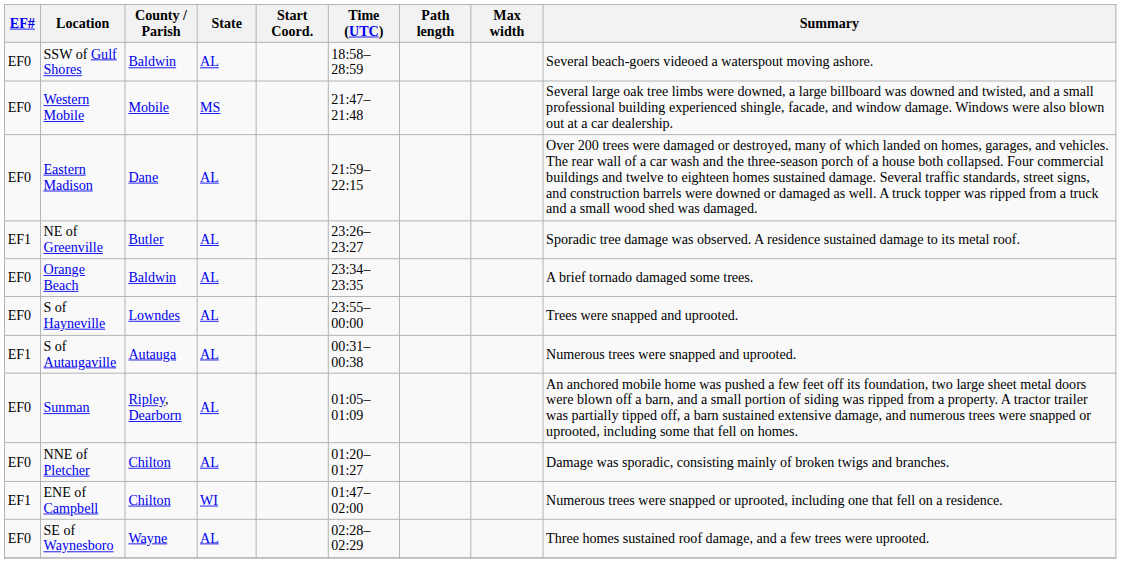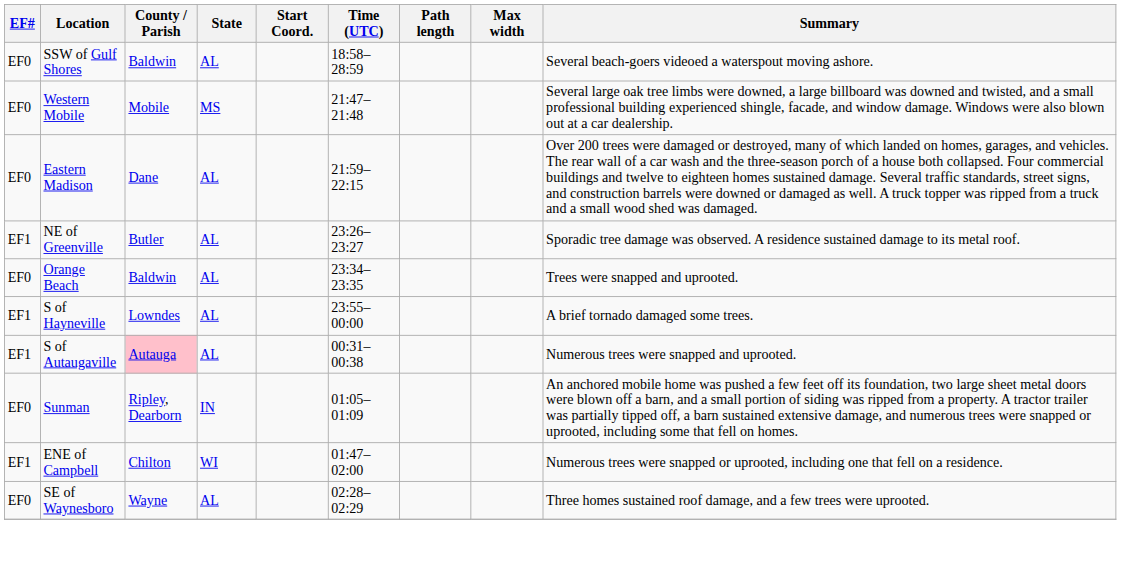 <table class="wikitable sortable" style="width:100%;">
 <tr>
 <th scope="col"  style="width:3%; text-align:center;"><a href='#'>EF#</a></th>
 <th scope="col"  style="width:7%; text-align:center;" class="unsortable">Location</th>
 <th scope="col"  style="width:6%; text-align:center;" class="unsortable">County / Parish</th>
 <th scope="col"  style="width:5%; text-align:center;">State</th>
 <th scope="col"  style="width:6%; text-align:center;">Start Coord.</th>
 <th scope="col"  style="width:6%; text-align:center;">Time (<a href='#'>UTC</a>)</th>
 <th scope="col"  style="width:6%; text-align:center;">Path length</th>
 <th scope="col"  style="width:6%; text-align:center;">Max width</th>
 <th scope="col" class="unsortable" style="width:48%; text-align:center;">Summary</th>
 </tr>
 <tr>
 <td>EF0</td>
 <td>SSW of <a href='#'>Gulf Shores</a></td>
 <td><a href='#'>Baldwin</a></td>
 <td><a href='#'>AL</a></td>
 <td></td>
 <td>18:58–28:59</td>
 <td></td>
 <td></td>
 <td>Several beach-goers videoed a waterspout moving ashore.</td>
 </tr>
 <tr>
 <td>EF0</td>
 <td><a href='#'>Western Mobile</a></td>
 <td><a href='#'>Mobile</a></td>
 <td><a href='#'>MS</a></td>
 <td></td>
 <td>21:47–21:48</td>
 <td></td>
 <td></td>
 <td>Several large oak tree limbs were downed, a large billboard was downed and twisted, and a small professional building experienced shingle, facade, and window damage. Windows were also blown out at a car dealership.</td>
 </tr>
 <tr>
 <td>EF0</td>
 <td><a href='#'>Eastern Madison</a></td>
 <td><a href='#'>Dane</a></td>
 <td><a href='#'>AL</a></td>
 <td></td>
 <td>21:59–22:15</td>
 <td></td>
 <td></td>
 <td>Over 200 trees were damaged or destroyed, many of which landed on homes, garages, and vehicles. The rear wall of a car wash and the three-season porch of a house both collapsed. Four commercial buildings and twelve to eighteen homes sustained damage. Several traffic standards, street signs, and construction barrels were downed or damaged as well. A truck topper was ripped from a truck and a small wood shed was damaged.</td>
 </tr>
 <tr>
 <td>EF1</td>
 <td>NE of <a href='#'>Greenville</a></td>
 <td><a href='#'>Butler</a></td>
 <td><a href='#'>AL</a></td>
 <td></td>
 <td>23:26–23:27</td>
 <td></td>
 <td></td>
 <td>Sporadic tree damage was observed. A residence sustained damage to its metal roof.</td>
 </tr>
 <tr>
 <td>EF0</td>
 <td><a href='#'>Orange Beach</a></td>
 <td><a href='#'>Baldwin</a></td>
 <td><a href='#'>AL</a></td>
 <td></td>
 <td>23:34–23:35</td>
 <td></td>
 <td></td>
-<td>A brief tornado damaged some trees.</td>
+<td>Trees were snapped and uprooted.</td>
 </tr>
 <tr>
-<td>EF0</td>
+<td>EF1</td>
 <td>S of <a href='#'>Hayneville</a></td>
 <td><a href='#'>Lowndes</a></td>
 <td><a href='#'>AL</a></td>
 <td></td>
 <td>23:55–00:00</td>
 <td></td>
 <td></td>
-<td>Trees were snapped and uprooted.</td>
+<td>A brief tornado damaged some trees.</td>
 </tr>
 <tr>
 <td>EF1</td>
 <td>S of <a href='#'>Autaugaville</a></td>
-<td><a href='#'>Autauga</a></td>
+<td style="background: pink;"><a href='#'>Autauga</a></td>
 <td><a href='#'>AL</a></td>
 <td></td>
 <td>00:31–00:38</td>
 <td></td>
 <td></td>
 <td>Numerous trees were snapped and uprooted.</td>
 </tr>
 <tr>
 <td>EF0</td>
 <td><a href='#'>Sunman</a></td>
 <td><a href='#'>Ripley</a>, <a href='#'>Dearborn</a></td>
-<td><a href='#'>AL</a></td>
+<td><a href='#'>IN</a></td>
 <td></td>
 <td>01:05–01:09</td>
 <td></td>
 <td></td>
 <td>An anchored mobile home was pushed a few feet off its foundation, two large sheet metal doors were blown off a barn, and a small portion of siding was ripped from a property. A tractor trailer was partially tipped off, a barn sustained extensive damage, and numerous trees were snapped or uprooted, including some that fell on homes.</td>
-</tr>
-<tr>
-<td>EF0</td>
-<td>NNE of <a href='#'>Pletcher</a></td>
-<td><a href='#'>Chilton</a></td>
-<td><a href='#'>AL</a></td>
-<td></td>
-<td>01:20–01:27</td>
-<td></td>
-<td></td>
-<td>Damage was sporadic, consisting mainly of broken twigs and branches.</td>
 </tr>
 <tr>
 <td>EF1</td>
 <td>ENE of <a href='#'>Campbell</a></td>
 <td><a href='#'>Chilton</a></td>
 <td><a href='#'>WI</a></td>
 <td></td>
 <td>01:47–02:00</td>
 <td></td>
 <td></td>
 <td>Numerous trees were snapped or uprooted, including one that fell on a residence.</td>
 </tr>
 <tr>
 <td>EF0</td>
 <td>SE of <a href='#'>Waynesboro</a></td>
 <td><a href='#'>Wayne</a></td>
 <td><a href='#'>AL</a></td>
 <td></td>
 <td>02:28–02:29</td>
 <td></td>
 <td></td>
 <td>Three homes sustained roof damage, and a few trees were uprooted.</td>
 </tr>
 <tr>
 </tr>
 </table>
